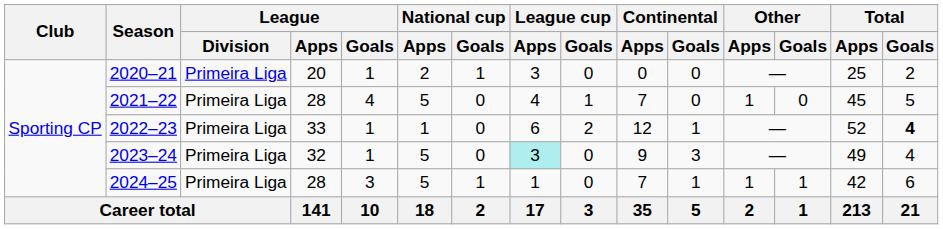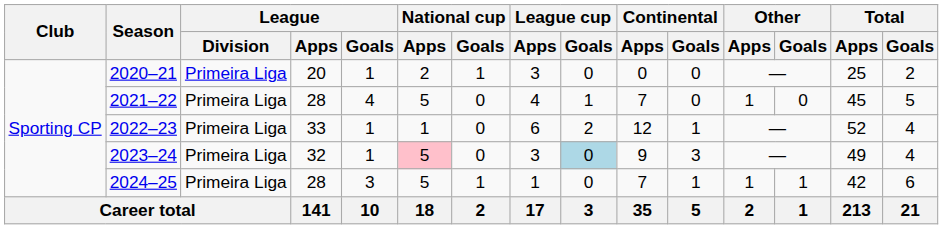 <table class="wikitable" style="text-align:center">
 <tr>
 <th rowspan="2">Club</th>
 <th rowspan="2">Season</th>
 <th colspan="3">League</th>
 <th colspan="2">National cup</th>
 <th colspan="2">League cup</th>
 <th colspan="2">Continental</th>
 <th colspan="2">Other</th>
 <th colspan="2">Total</th>
 </tr>
 <tr>
 <th>Division</th>
 <th>Apps</th>
 <th>Goals</th>
 <th>Apps</th>
 <th>Goals</th>
 <th>Apps</th>
 <th>Goals</th>
 <th>Apps</th>
 <th>Goals</th>
 <th>Apps</th>
 <th>Goals</th>
 <th>Apps</th>
 <th>Goals</th>
 </tr>
 <tr>
 <td rowspan="5"><a href='#'>Sporting CP</a></td>
 <td><a href='#'>2020–21</a></td>
 <td><a href='#'>Primeira Liga</a></td>
 <td>20</td>
 <td>1</td>
 <td>2</td>
 <td>1</td>
 <td>3</td>
 <td>0</td>
 <td>0</td>
 <td>0</td>
 <td colspan="2">—</td>
 <td>25</td>
 <td>2</td>
 </tr>
 <tr>
 <td><a href='#'>2021–22</a></td>
 <td>Primeira Liga</td>
 <td>28</td>
 <td>4</td>
 <td>5</td>
 <td>0</td>
 <td>4</td>
 <td>1</td>
 <td>7</td>
 <td>0</td>
 <td>1</td>
 <td>0</td>
 <td>45</td>
 <td>5</td>
 </tr>
 <tr>
 <td><a href='#'>2022–23</a></td>
 <td>Primeira Liga</td>
 <td>33</td>
 <td>1</td>
 <td>1</td>
 <td>0</td>
 <td>6</td>
 <td>2</td>
 <td>12</td>
 <td>1</td>
 <td colspan="2">—</td>
 <td>52</td>
-<td><strong>4</strong></td>
+<td>4</td>
 </tr>
 <tr>
 <td><a href='#'>2023–24</a></td>
 <td>Primeira Liga</td>
 <td>32</td>
 <td>1</td>
-<td>5</td>
+<td style="background: pink;">5</td>
 <td>0</td>
-<td style="background: paleturquoise;">3</td>
-<td>0</td>
+<td>3</td>
+<td style="background: lightblue;">0</td>
 <td>9</td>
 <td>3</td>
 <td colspan="2">—</td>
 <td>49</td>
 <td>4</td>
 </tr>
 <tr>
 <td><a href='#'>2024–25</a></td>
 <td>Primeira Liga</td>
 <td>28</td>
 <td>3</td>
 <td>5</td>
 <td>1</td>
 <td>1</td>
 <td>0</td>
 <td>7</td>
 <td>1</td>
 <td>1</td>
 <td>1</td>
 <td>42</td>
 <td>6</td>
 </tr>
 <tr>
 <th colspan="3">Career total</th>
 <th>141</th>
 <th>10</th>
 <th>18</th>
 <th>2</th>
 <th>17</th>
 <th>3</th>
 <th>35</th>
 <th>5</th>
 <th>2</th>
 <th>1</th>
 <th>213</th>
 <th>21</th>
 </tr>
 </table>
